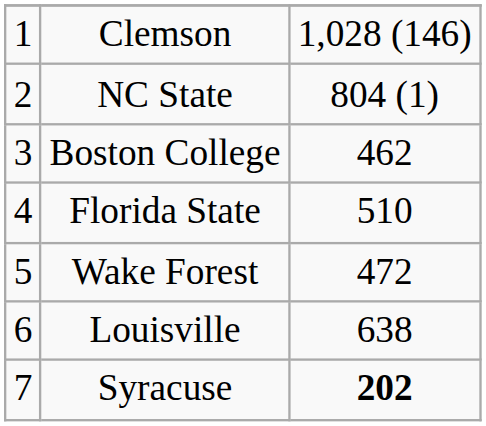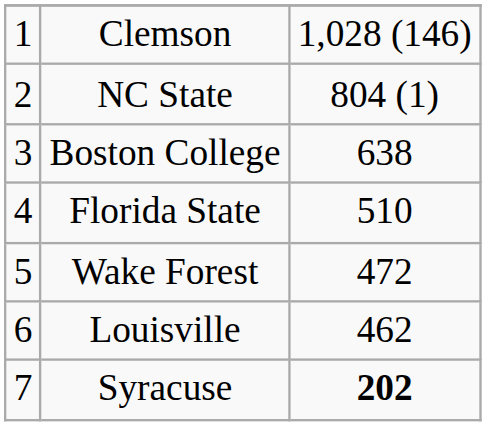 <table class="wikitable" style="display: inline-table;">
 <tr align="center">
 </tr>
 <tr align="center">
 <td>1</td>
 <td>Clemson</td>
 <td>1,028 (146)</td>
 </tr>
 <tr align="center">
 <td>2</td>
 <td>NC State</td>
 <td>804 (1)</td>
 </tr>
 <tr align="center">
 <td>3</td>
 <td>Boston College</td>
-<td>462</td>
+<td>638</td>
 </tr>
 <tr align="center">
 <td>4</td>
 <td>Florida State</td>
 <td>510</td>
 </tr>
 <tr align="center">
 <td>5</td>
 <td>Wake Forest</td>
 <td>472</td>
 </tr>
 <tr align="center">
 <td>6</td>
 <td>Louisville</td>
-<td>638</td>
+<td>462</td>
 </tr>
 <tr align="center">
 <td>7</td>
 <td>Syracuse</td>
 <td><strong>202</strong></td>
 </tr>
 </table>
